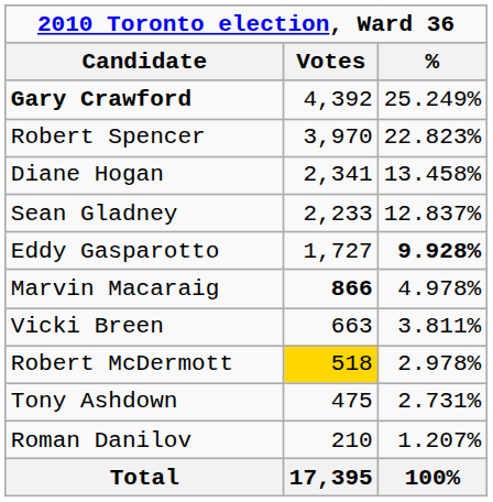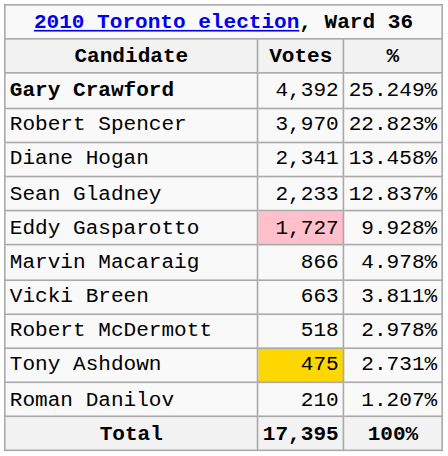 <table class="wikitable" style="margin-bottom:0;">
 <tr>
 <td Colspan="3" align="center"><strong><a href='#'>2010 Toronto election</a>, Ward 36</strong></td>
 </tr>
 <tr>
 <th bgcolor="#DDDDFF" width="150px">Candidate</th>
 <th bgcolor="#DDDDFF">Votes</th>
 <th bgcolor="#DDDDFF">%</th>
 </tr>
 <tr>
 <td><strong>Gary Crawford </strong></td>
 <td align=right>4,392</td>
 <td align=right>25.249%</td>
 </tr>
 <tr>
 <td>Robert Spencer</td>
 <td align=right>3,970</td>
 <td align=right>22.823%</td>
 </tr>
 <tr>
 <td>Diane Hogan</td>
 <td align=right>2,341</td>
 <td align=right>13.458%</td>
 </tr>
 <tr>
 <td>Sean Gladney</td>
 <td align=right>2,233</td>
 <td align=right>12.837%</td>
 </tr>
 <tr>
 <td>Eddy Gasparotto</td>
-<td align=right>1,727</td>
-<td align=right><strong>9.928%</strong></td>
+<td align=right style="background: pink;">1,727</td>
+<td align=right>9.928%</td>
 </tr>
 <tr>
 <td>Marvin Macaraig</td>
-<td align=right><strong>866</strong></td>
+<td align=right>866</td>
 <td align=right>4.978%</td>
 </tr>
 <tr>
 <td>Vicki Breen</td>
 <td align=right>663</td>
 <td align=right>3.811%</td>
 </tr>
 <tr>
 <td>Robert McDermott</td>
-<td align=right style="background: gold;">518</td>
+<td align=right>518</td>
 <td align=right>2.978%</td>
 </tr>
 <tr>
 <td>Tony Ashdown</td>
-<td align=right>475</td>
+<td align=right style="background: gold;">475</td>
 <td align=right>2.731%</td>
 </tr>
 <tr>
 <td>Roman Danilov</td>
 <td align=right>210</td>
 <td align=right>1.207%</td>
 </tr>
 <tr>
 <th>Total</th>
 <th align=right>17,395</th>
 <th align=right>100%</th>
 </tr>
 </table>
